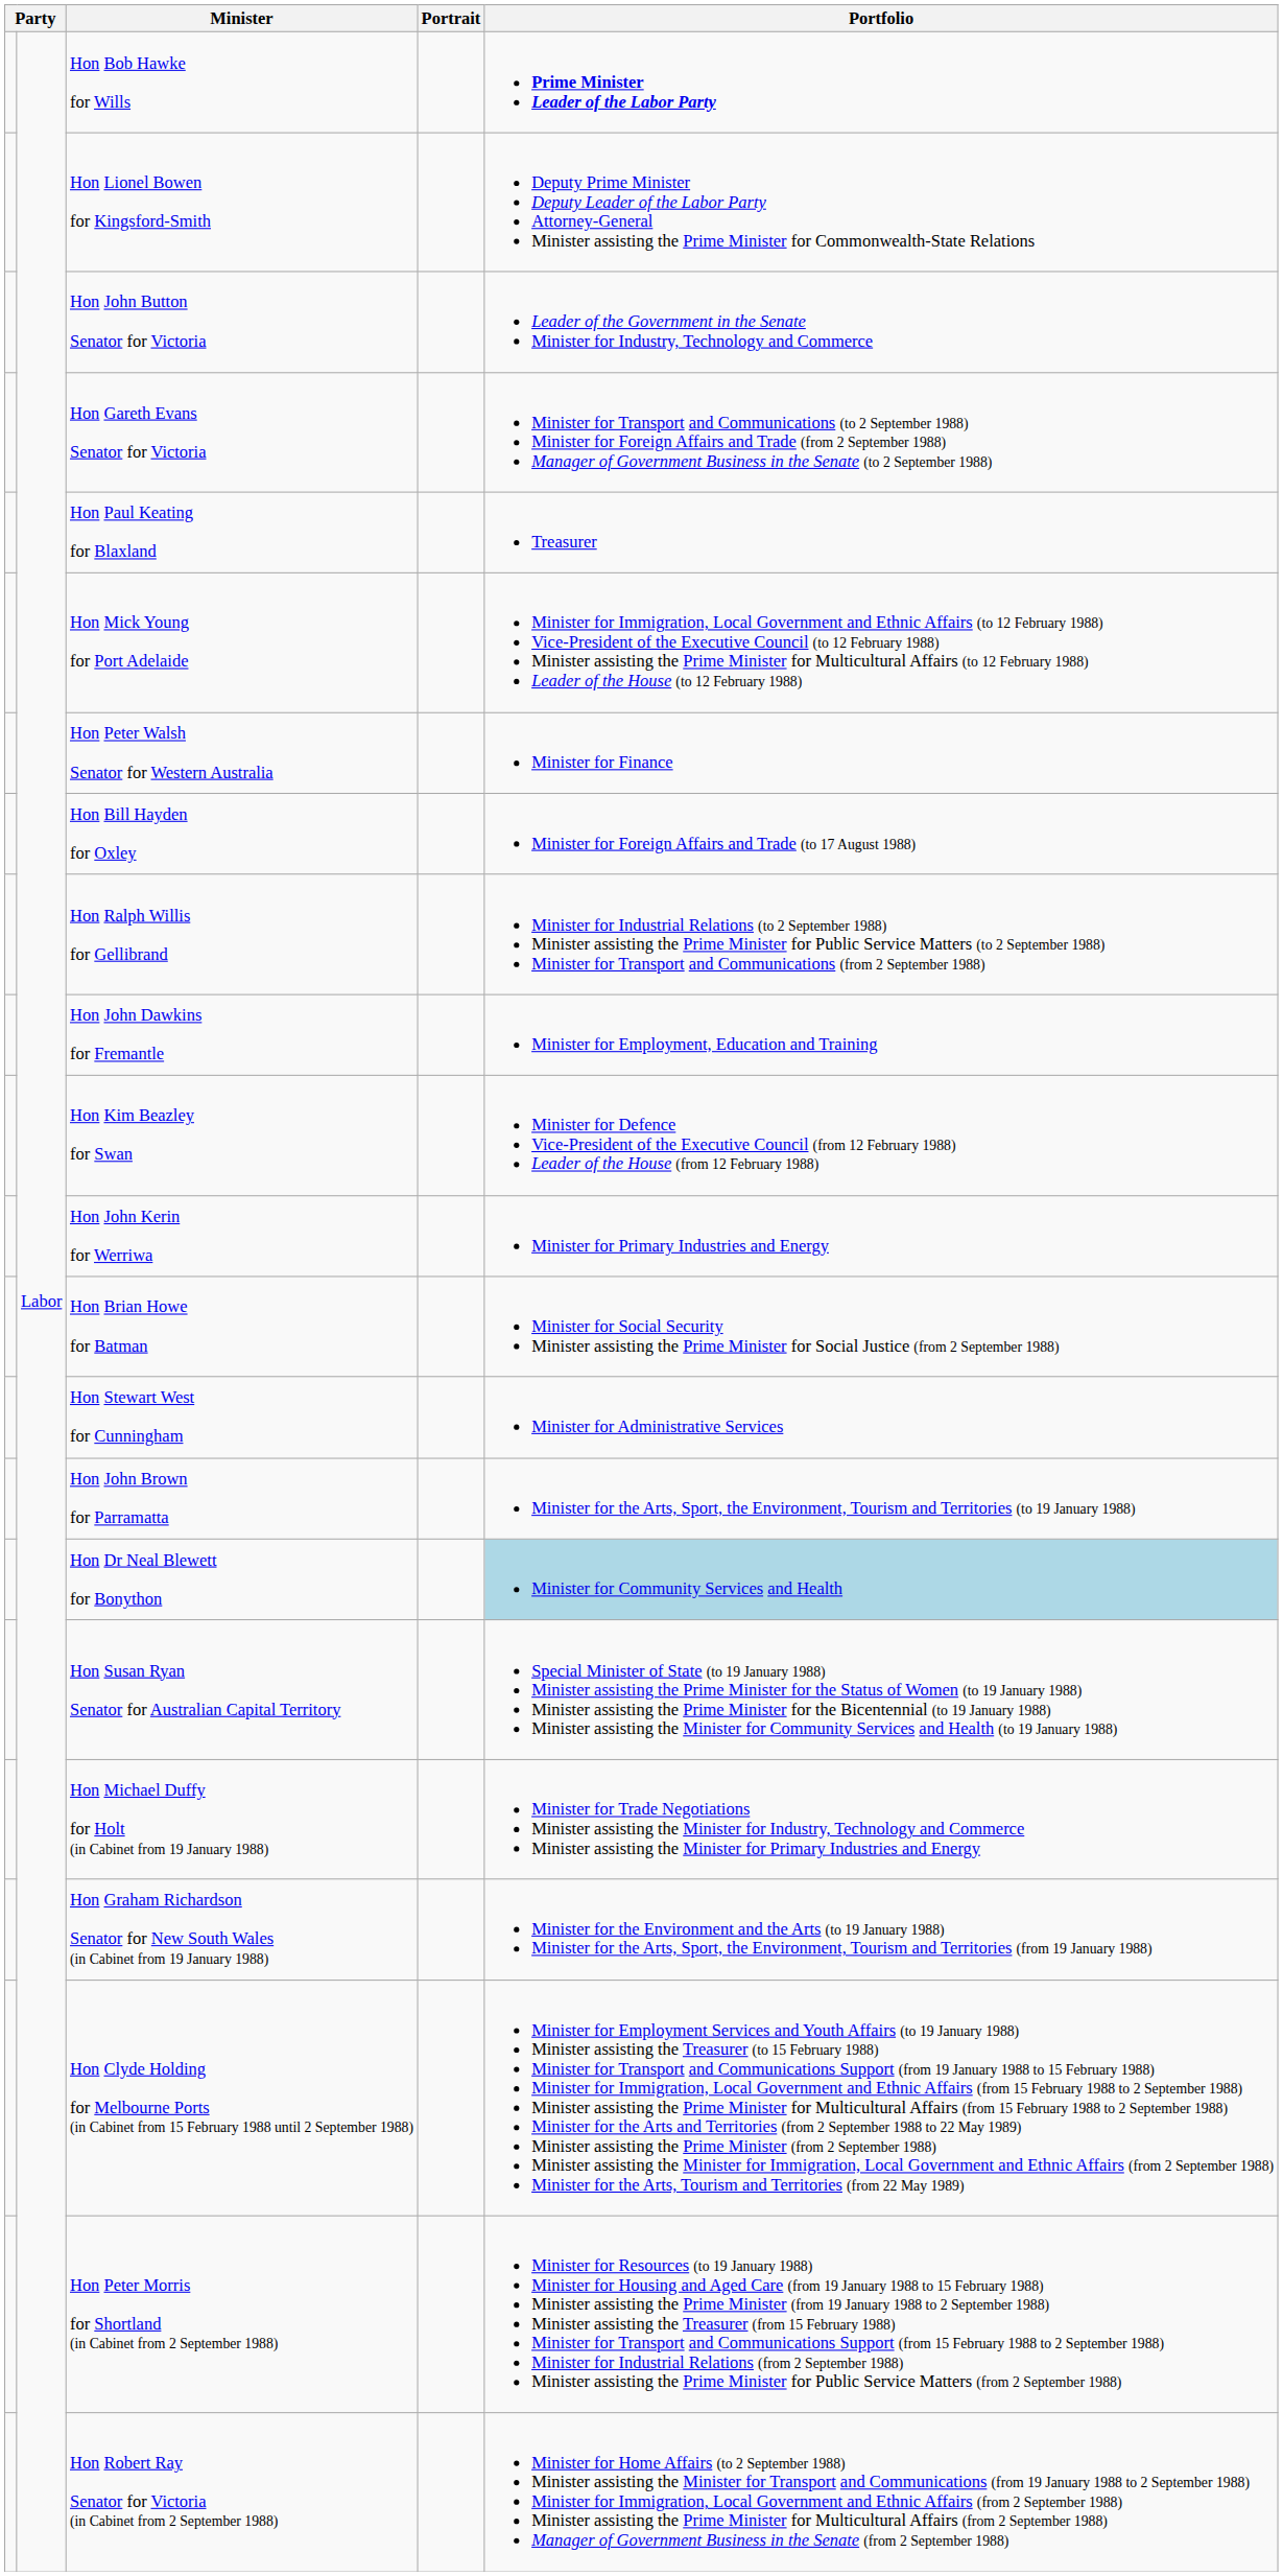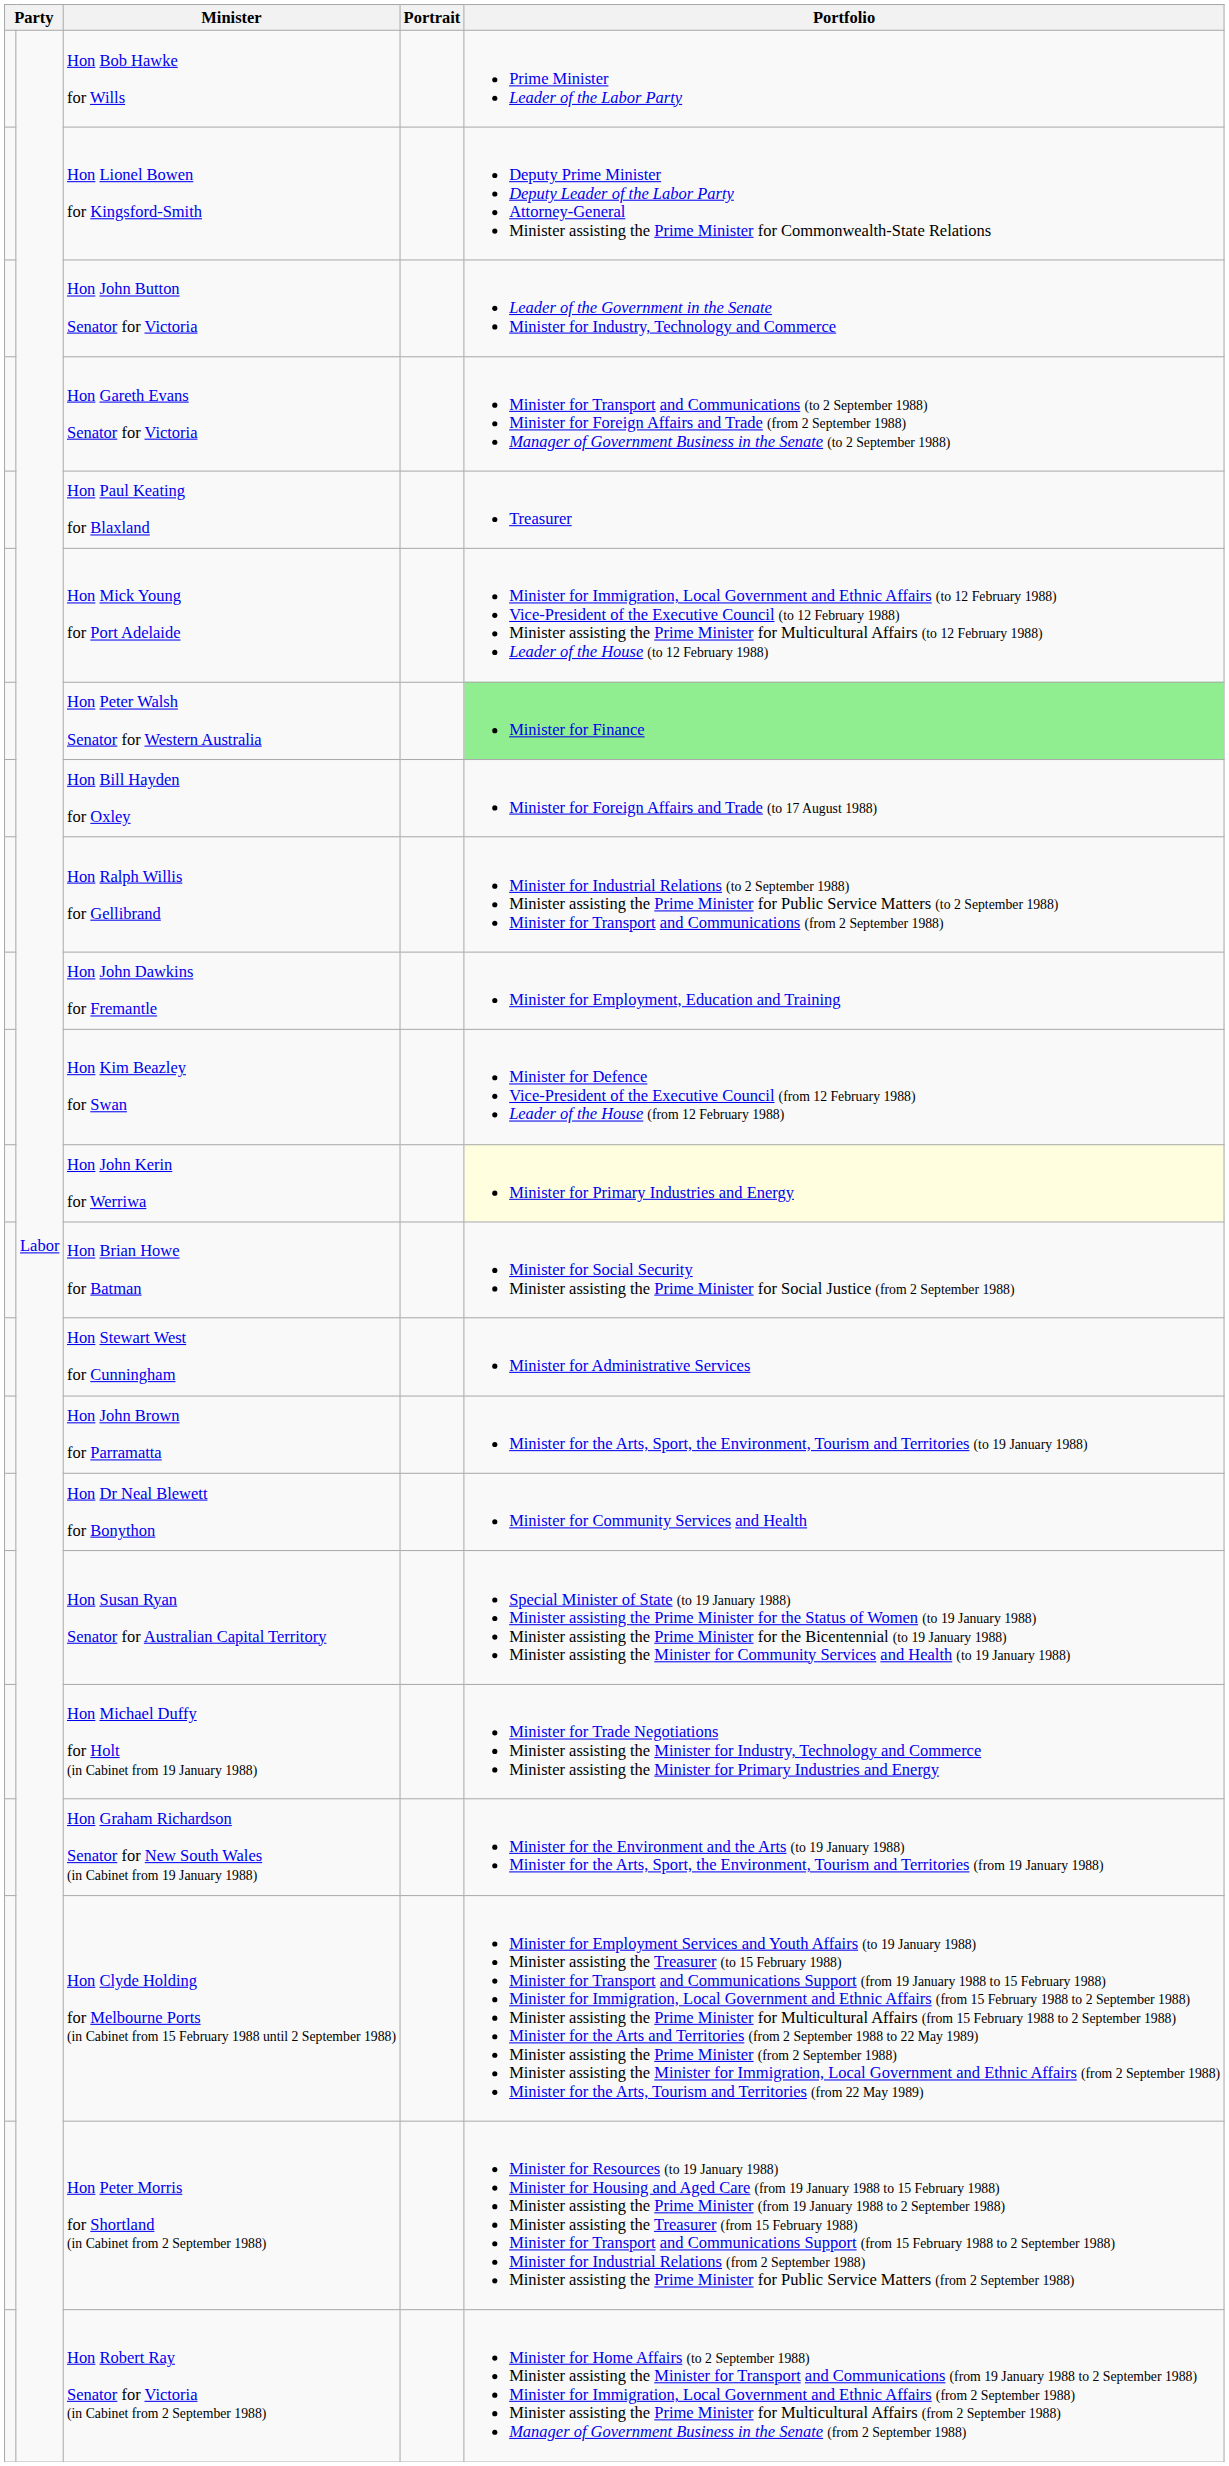 <table class="wikitable sortable">
 <tr>
 <th colspan="2">Party</th>
 <th>Minister</th>
 <th>Portrait</th>
 <th>Portfolio</th>
 </tr>
 <tr>
 <td> </td>
 <td rowspan=22><a href='#'>Labor</a></td>
 <td><a href='#'>Hon</a> <a href='#'>Bob Hawke</a>  <br><br> for <a href='#'>Wills</a> <br></td>
 <td></td>
-<td><strong><br><ul><li><a href='#'>Prime Minister</a></li><li><em><a href='#'>Leader of the Labor Party</a></em></li></ul></strong></td>
+<td><br><ul><li><a href='#'>Prime Minister</a></li><li><em><a href='#'>Leader of the Labor Party</a></em></li></ul></td>
 </tr>
 <tr>
 <td> </td>
 <td><a href='#'>Hon</a> <a href='#'>Lionel Bowen</a> <br><br> for <a href='#'>Kingsford-Smith</a> <br></td>
 <td></td>
 <td><br><ul><li><a href='#'>Deputy Prime Minister</a></li><li><em><a href='#'>Deputy Leader of the Labor Party</a></em></li><li><a href='#'>Attorney-General</a></li><li>Minister assisting the <a href='#'>Prime Minister</a> for Commonwealth-State Relations</li></ul></td>
 </tr>
 <tr>
 <td> </td>
 <td><a href='#'>Hon</a> <a href='#'>John Button</a> <br><br><a href='#'>Senator</a> for <a href='#'>Victoria</a> <br></td>
 <td></td>
 <td><br><ul><li><em><a href='#'>Leader of the Government in the Senate</a></em></li><li><a href='#'>Minister for Industry, Technology and Commerce</a></li></ul></td>
 </tr>
 <tr>
 <td> </td>
 <td><a href='#'>Hon</a> <a href='#'>Gareth Evans</a>  <br><br><a href='#'>Senator</a> for <a href='#'>Victoria</a> <br></td>
 <td></td>
 <td><br><ul><li><a href='#'>Minister for Transport</a> <a href='#'>and Communications</a> <small>(to 2 September 1988)</small></li><li><a href='#'>Minister for Foreign Affairs and Trade</a> <small>(from 2 September 1988)</small></li><li><em><a href='#'>Manager of Government Business in the Senate</a></em> <small>(to 2 September 1988)</small></li></ul></td>
 </tr>
 <tr>
 <td> </td>
 <td><a href='#'>Hon</a> <a href='#'>Paul Keating</a> <br><br> for <a href='#'>Blaxland</a> <br></td>
 <td></td>
 <td><br><ul><li><a href='#'>Treasurer</a></li></ul></td>
 </tr>
 <tr>
 <td> </td>
 <td><a href='#'>Hon</a> <a href='#'>Mick Young</a> <br><br> for <a href='#'>Port Adelaide</a> <br></td>
 <td></td>
 <td><br><ul><li><a href='#'>Minister for Immigration, Local Government and Ethnic Affairs</a> <small>(to 12 February 1988)</small></li><li><a href='#'>Vice-President of the Executive Council</a> <small>(to 12 February 1988)</small></li><li>Minister assisting the <a href='#'>Prime Minister</a> for Multicultural Affairs <small>(to 12 February 1988)</small></li><li><em><a href='#'>Leader of the House</a></em> <small>(to 12 February 1988)</small></li></ul></td>
 </tr>
 <tr>
 <td> </td>
 <td><a href='#'>Hon</a> <a href='#'>Peter Walsh</a> <br><br><a href='#'>Senator</a> for <a href='#'>Western Australia</a> <br></td>
 <td></td>
-<td><br><ul><li><a href='#'>Minister for Finance</a></li></ul></td>
+<td style="background: lightgreen;"><br><ul><li><a href='#'>Minister for Finance</a></li></ul></td>
 </tr>
 <tr>
 <td> </td>
 <td><a href='#'>Hon</a> <a href='#'>Bill Hayden</a> <br><br> for <a href='#'>Oxley</a> <br></td>
 <td></td>
 <td><br><ul><li><a href='#'>Minister for Foreign Affairs and Trade</a> <small>(to 17 August 1988)</small></li></ul></td>
 </tr>
 <tr>
 <td> </td>
 <td><a href='#'>Hon</a> <a href='#'>Ralph Willis</a> <br><br> for <a href='#'>Gellibrand</a> <br></td>
 <td></td>
 <td><br><ul><li><a href='#'>Minister for Industrial Relations</a> <small>(to 2 September 1988)</small></li><li>Minister assisting the <a href='#'>Prime Minister</a> for Public Service Matters <small>(to 2 September 1988)</small></li><li><a href='#'>Minister for Transport</a> <a href='#'>and Communications</a> <small>(from 2 September 1988)</small></li></ul></td>
 </tr>
 <tr>
 <td> </td>
 <td><a href='#'>Hon</a> <a href='#'>John Dawkins</a> <br><br> for <a href='#'>Fremantle</a> <br></td>
 <td></td>
 <td><br><ul><li><a href='#'>Minister for Employment, Education and Training</a></li></ul></td>
 </tr>
 <tr>
 <td> </td>
 <td><a href='#'>Hon</a> <a href='#'>Kim Beazley</a> <br><br> for <a href='#'>Swan</a> <br></td>
 <td></td>
 <td><br><ul><li><a href='#'>Minister for Defence</a></li><li><a href='#'>Vice-President of the Executive Council</a> <small>(from 12 February 1988)</small></li><li><em><a href='#'>Leader of the House</a></em> <small>(from 12 February 1988)</small></li></ul></td>
 </tr>
 <tr>
 <td> </td>
 <td><a href='#'>Hon</a> <a href='#'>John Kerin</a> <br><br> for <a href='#'>Werriwa</a> <br></td>
 <td></td>
-<td><br><ul><li><a href='#'>Minister for Primary Industries and Energy</a></li></ul></td>
+<td style="background: lightyellow;"><br><ul><li><a href='#'>Minister for Primary Industries and Energy</a></li></ul></td>
 </tr>
 <tr>
 <td> </td>
 <td><a href='#'>Hon</a> <a href='#'>Brian Howe</a> <br><br> for <a href='#'>Batman</a> <br></td>
 <td></td>
 <td><br><ul><li><a href='#'>Minister for Social Security</a></li><li>Minister assisting the <a href='#'>Prime Minister</a> for Social Justice <small>(from 2 September 1988)</small></li></ul></td>
 </tr>
 <tr>
 <td> </td>
 <td><a href='#'>Hon</a> <a href='#'>Stewart West</a> <br><br> for <a href='#'>Cunningham</a> <br></td>
 <td></td>
 <td><br><ul><li><a href='#'>Minister for Administrative Services</a></li></ul></td>
 </tr>
 <tr>
 <td> </td>
 <td><a href='#'>Hon</a> <a href='#'>John Brown</a> <br><br> for <a href='#'>Parramatta</a> <br></td>
 <td></td>
 <td><br><ul><li><a href='#'>Minister for the Arts, Sport, the Environment, Tourism and Territories</a> <small>(to 19 January 1988)</small></li></ul></td>
 </tr>
 <tr>
 <td> </td>
 <td><a href='#'>Hon</a> <a href='#'>Dr Neal Blewett</a> <br><br> for <a href='#'>Bonython</a> <br></td>
 <td></td>
-<td style="background: lightblue;"><br><ul><li><a href='#'>Minister for Community Services</a> <a href='#'>and Health</a></li></ul></td>
+<td><br><ul><li><a href='#'>Minister for Community Services</a> <a href='#'>and Health</a></li></ul></td>
 </tr>
 <tr>
 <td> </td>
 <td><a href='#'>Hon</a> <a href='#'>Susan Ryan</a> <br><br><a href='#'>Senator</a> for <a href='#'>Australian Capital Territory</a> <br></td>
 <td></td>
 <td><br><ul><li><a href='#'>Special Minister of State</a> <small>(to 19 January 1988)</small></li><li><a href='#'>Minister assisting the Prime Minister for the Status of Women</a> <small>(to 19 January 1988)</small></li><li>Minister assisting the <a href='#'>Prime Minister</a> for the Bicentennial <small>(to 19 January 1988)</small></li><li>Minister assisting the <a href='#'>Minister for Community Services</a> <a href='#'>and Health</a> <small>(to 19 January 1988)</small></li></ul></td>
 </tr>
 <tr>
 <td> </td>
 <td><a href='#'>Hon</a> <a href='#'>Michael Duffy</a> <br><br> for <a href='#'>Holt</a> <br> <small>(in Cabinet from 19 January 1988)</small></td>
 <td></td>
 <td><br><ul><li><a href='#'>Minister for Trade Negotiations</a></li><li>Minister assisting the <a href='#'>Minister for Industry, Technology and Commerce</a></li><li>Minister assisting the <a href='#'>Minister for Primary Industries and Energy</a></li></ul></td>
 </tr>
 <tr>
 <td> </td>
 <td><a href='#'>Hon</a> <a href='#'>Graham Richardson</a> <br><br><a href='#'>Senator</a> for <a href='#'>New South Wales</a> <br> <small>(in Cabinet from 19 January 1988)</small></td>
 <td></td>
 <td><br><ul><li><a href='#'>Minister for the Environment and the Arts</a> <small>(to 19 January 1988)</small></li><li><a href='#'>Minister for the Arts, Sport, the Environment, Tourism and Territories</a> <small>(from 19 January 1988)</small></li></ul></td>
 </tr>
 <tr>
 <td> </td>
 <td><a href='#'>Hon</a> <a href='#'>Clyde Holding</a> <br><br> for <a href='#'>Melbourne Ports</a> <br> <small>(in Cabinet from 15 February 1988 until 2 September 1988)</small></td>
 <td></td>
 <td><br><ul><li><a href='#'>Minister for Employment Services and Youth Affairs</a> <small>(to 19 January 1988)</small></li><li>Minister assisting the <a href='#'>Treasurer</a> <small>(to 15 February 1988)</small></li><li><a href='#'>Minister for Transport</a> <a href='#'>and Communications Support</a> <small>(from 19 January 1988 to 15 February 1988)</small></li><li><a href='#'>Minister for Immigration, Local Government and Ethnic Affairs</a> <small>(from 15 February 1988 to 2 September 1988)</small></li><li>Minister assisting the <a href='#'>Prime Minister</a> for Multicultural Affairs <small>(from 15 February 1988 to 2 September 1988)</small></li><li><a href='#'>Minister for the Arts and Territories</a> <small>(from 2 September 1988 to 22 May 1989)</small></li><li>Minister assisting the <a href='#'>Prime Minister</a> <small>(from 2 September 1988)</small></li><li>Minister assisting the <a href='#'>Minister for Immigration, Local Government and Ethnic Affairs</a> <small>(from 2 September 1988)</small></li><li><a href='#'>Minister for the Arts, Tourism and Territories</a> <small>(from 22 May 1989)</small></li></ul></td>
 </tr>
 <tr>
 <td> </td>
 <td><a href='#'>Hon</a> <a href='#'>Peter Morris</a> <br><br> for <a href='#'>Shortland</a> <br> <small>(in Cabinet from 2 September 1988)</small></td>
 <td></td>
 <td><br><ul><li><a href='#'>Minister for Resources</a> <small>(to 19 January 1988)</small></li><li><a href='#'>Minister for Housing and Aged Care</a> <small>(from 19 January 1988 to 15 February 1988)</small></li><li>Minister assisting the <a href='#'>Prime Minister</a> <small>(from 19 January 1988 to 2 September 1988)</small></li><li>Minister assisting the <a href='#'>Treasurer</a> <small>(from 15 February 1988)</small></li><li><a href='#'>Minister for Transport</a> <a href='#'>and Communications Support</a> <small>(from 15 February 1988 to 2 September 1988)</small></li><li><a href='#'>Minister for Industrial Relations</a> <small>(from 2 September 1988)</small></li><li>Minister assisting the <a href='#'>Prime Minister</a> for Public Service Matters <small>(from 2 September 1988)</small></li></ul></td>
 </tr>
 <tr>
 <td> </td>
 <td><a href='#'>Hon</a> <a href='#'>Robert Ray</a> <br><br><a href='#'>Senator</a> for <a href='#'>Victoria</a> <br> <small>(in Cabinet from 2 September 1988)</small></td>
 <td></td>
 <td><br><ul><li><a href='#'>Minister for Home Affairs</a> <small>(to 2 September 1988)</small></li><li>Minister assisting the <a href='#'>Minister for Transport</a> <a href='#'>and Communications</a> <small>(from 19 January 1988 to 2 September 1988)</small></li><li><a href='#'>Minister for Immigration, Local Government and Ethnic Affairs</a> <small>(from 2 September 1988)</small></li><li>Minister assisting the <a href='#'>Prime Minister</a> for Multicultural Affairs <small>(from 2 September 1988)</small></li><li><em><a href='#'>Manager of Government Business in the Senate</a></em> <small>(from 2 September 1988)</small></li></ul></td>
 </tr>
 </table>
